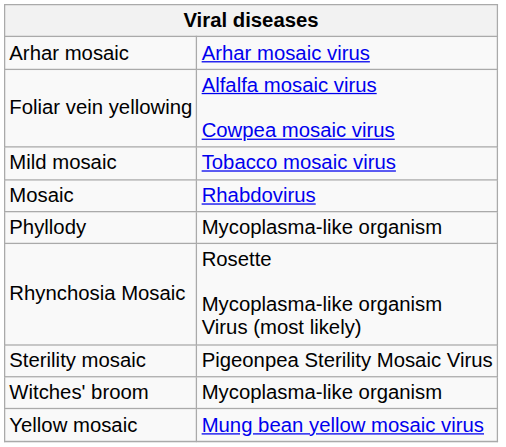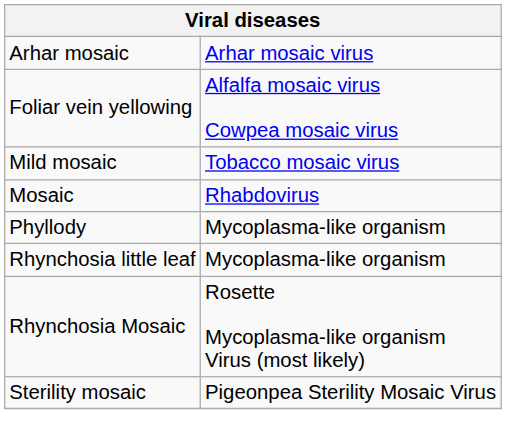 <table class="wikitable" style="clear">
 <tr>
 <th colspan=2><strong>Viral diseases</strong><br></th>
 </tr>
 <tr>
 <td>Arhar mosaic</td>
 <td><a href='#'>Arhar mosaic virus</a></td>
 </tr>
 <tr>
 <td>Foliar vein yellowing</td>
 <td><a href='#'>Alfalfa mosaic virus</a><br><br><a href='#'>Cowpea mosaic virus</a></td>
 </tr>
 <tr>
 <td>Mild mosaic</td>
 <td><a href='#'>Tobacco mosaic virus</a></td>
 </tr>
 <tr>
 <td>Mosaic</td>
 <td><a href='#'>Rhabdovirus</a></td>
 </tr>
 <tr>
 <td>Phyllody</td>
 <td>Mycoplasma-like organism</td>
 </tr>
 <tr>
+<td>Rhynchosia little leaf</td>
+<td>Mycoplasma-like organism</td>
+</tr>
+<tr>
 <td>Rhynchosia Mosaic</td>
 <td>Rosette <br><br>Mycoplasma-like organism <br> Virus (most likely) <br></td>
 </tr>
 <tr>
 <td>Sterility mosaic</td>
 <td>Pigeonpea Sterility Mosaic Virus</td>
 </tr>
 <tr>
-<td>Witches' broom</td>
-<td>Mycoplasma-like organism</td>
-</tr>
-<tr>
-<td>Yellow mosaic</td>
-<td><a href='#'>Mung bean yellow mosaic virus</a></td>
-</tr>
-<tr>
 </tr>
 </table>
